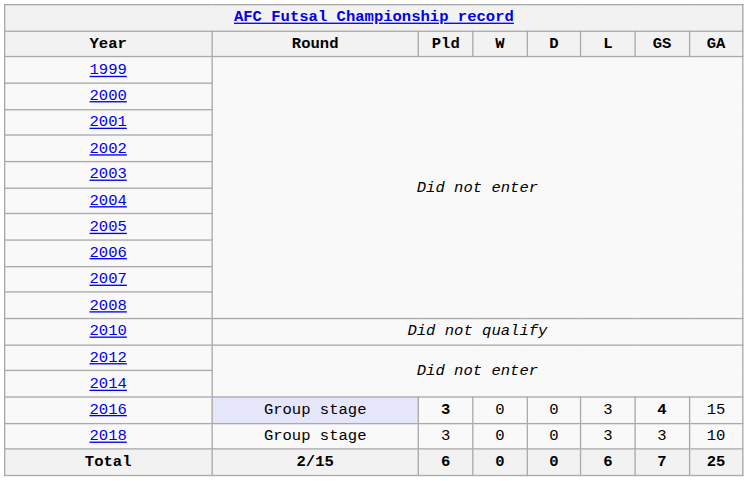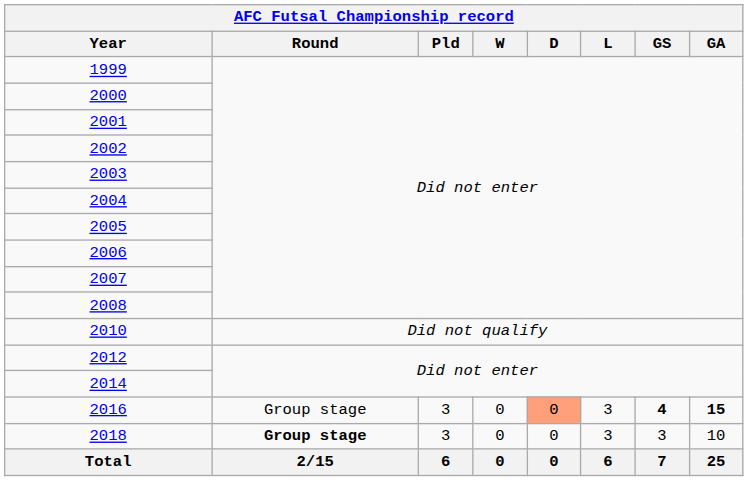 <table class="wikitable" style="text-align: center;font-size:90%;">
 <tr>
 <th colspan="9"><a href='#'>AFC Futsal Championship record</a></th>
 </tr>
 <tr>
 <th width=150>Year</th>
 <th width=150>Round</th>
 <th width=35>Pld</th>
 <th width=35>W</th>
 <th width=35>D</th>
 <th width=35>L</th>
 <th width=35>GS</th>
 <th width=35>GA</th>
 </tr>
 <tr>
 <td> <a href='#'>1999</a></td>
 <td colspan=8 rowspan=10><em>Did not enter</em></td>
 </tr>
 <tr>
 <td> <a href='#'>2000</a></td>
 </tr>
 <tr>
 <td> <a href='#'>2001</a></td>
 </tr>
 <tr>
 <td> <a href='#'>2002</a></td>
 </tr>
 <tr>
 <td> <a href='#'>2003</a></td>
 </tr>
 <tr>
 <td> <a href='#'>2004</a></td>
 </tr>
 <tr>
 <td> <a href='#'>2005</a></td>
 </tr>
 <tr>
 <td> <a href='#'>2006</a></td>
 </tr>
 <tr>
 <td> <a href='#'>2007</a></td>
 </tr>
 <tr>
 <td> <a href='#'>2008</a></td>
 </tr>
 <tr>
 <td> <a href='#'>2010</a></td>
 <td colspan=8><em>Did not qualify</em></td>
 </tr>
 <tr>
 <td> <a href='#'>2012</a></td>
 <td colspan=8 rowspan=2><em>Did not enter</em></td>
 </tr>
 <tr>
 <td> <a href='#'>2014</a></td>
 </tr>
 <tr>
 <td> <a href='#'>2016</a></td>
-<td style="background: lavender;">Group stage</td>
-<td><strong>3</strong></td>
+<td>Group stage</td>
+<td>3</td>
 <td>0</td>
-<td>0</td>
+<td style="background: lightsalmon;">0</td>
 <td>3</td>
 <td><strong>4</strong></td>
-<td>15</td>
+<td><strong>15</strong></td>
 </tr>
 <tr>
 <td> <a href='#'>2018</a></td>
-<td>Group stage</td>
+<td><strong>Group stage</strong></td>
 <td>3</td>
 <td>0</td>
 <td>0</td>
 <td>3</td>
 <td>3</td>
 <td>10</td>
 </tr>
 <tr>
 <th><strong>Total</strong></th>
 <th>2/15</th>
 <th>6</th>
 <th>0</th>
 <th>0</th>
 <th>6</th>
 <th>7</th>
 <th>25</th>
 </tr>
 </table>
